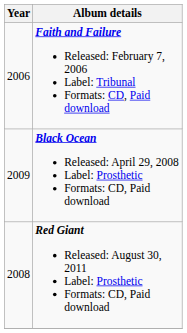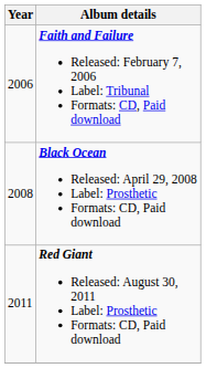 <table class ="wikitable">
 <tr>
 <th>Year</th>
 <th width="200">Album details</th>
 </tr>
 <tr>
 <td>2006</td>
 <td><strong><em><a href='#'>Faith and Failure</a></em></strong><br><ul><li>Released: February 7, 2006</li><li>Label: <a href='#'>Tribunal</a></li><li>Formats: <a href='#'>CD</a>, <a href='#'>Paid download</a></li></ul></td>
 </tr>
 <tr>
-<td>2009</td>
+<td>2008</td>
 <td><strong><em><a href='#'>Black Ocean</a></em></strong><br><ul><li>Released: April 29, 2008</li><li>Label: <a href='#'>Prosthetic</a></li><li>Formats: CD, Paid download</li></ul></td>
 </tr>
 <tr>
-<td>2008</td>
+<td>2011</td>
 <td><strong><em>Red Giant</em></strong><br><ul><li>Released: August 30, 2011</li><li>Label: <a href='#'>Prosthetic</a></li><li>Formats: CD, Paid download</li></ul></td>
 </tr>
 <tr>
 </tr>
 </table>
